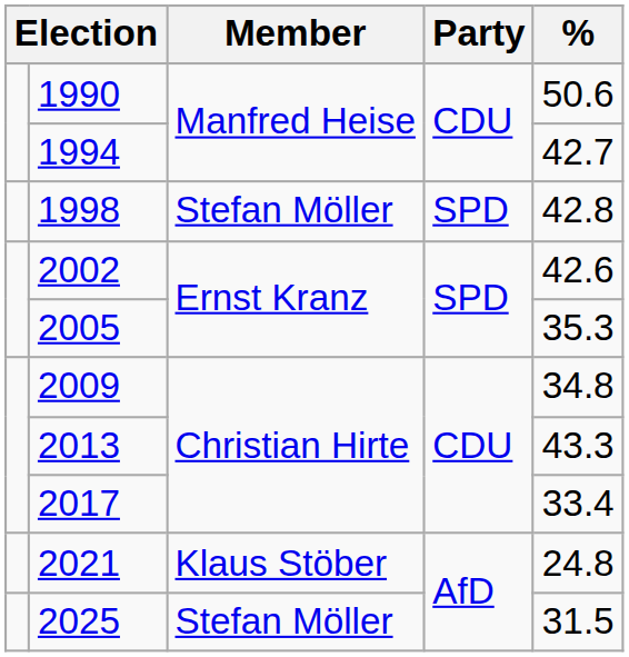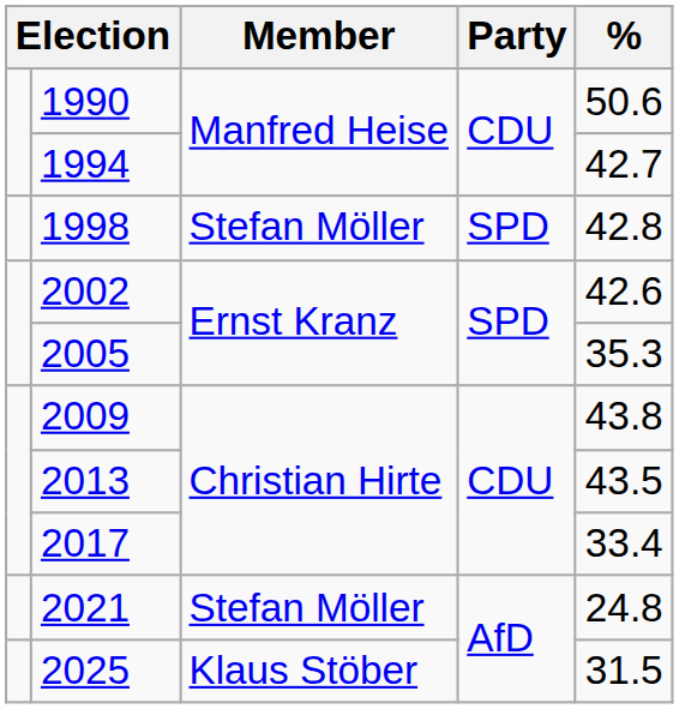 <table class=wikitable>
 <tr>
 <th colspan=2>Election</th>
 <th>Member</th>
 <th>Party</th>
 <th>%</th>
 </tr>
 <tr>
 <td rowspan=2 bgcolor=></td>
 <td><a href='#'>1990</a></td>
 <td rowspan=2><a href='#'>Manfred Heise</a></td>
 <td rowspan=2><a href='#'>CDU</a></td>
 <td align=right>50.6</td>
 </tr>
 <tr>
 <td><a href='#'>1994</a></td>
 <td align=right>42.7</td>
 </tr>
 <tr>
 <td bgcolor=></td>
 <td><a href='#'>1998</a></td>
 <td><a href='#'>Stefan Möller</a></td>
 <td><a href='#'>SPD</a></td>
 <td align=right>42.8</td>
 </tr>
 <tr>
 <td rowspan=2 bgcolor=></td>
 <td><a href='#'>2002</a></td>
 <td rowspan=2><a href='#'>Ernst Kranz</a></td>
 <td rowspan=2><a href='#'>SPD</a></td>
 <td align=right>42.6</td>
 </tr>
 <tr>
 <td><a href='#'>2005</a></td>
 <td align=right>35.3</td>
 </tr>
 <tr>
 <td rowspan=3 bgcolor=></td>
 <td><a href='#'>2009</a></td>
 <td rowspan=3><a href='#'>Christian Hirte</a></td>
 <td rowspan=3><a href='#'>CDU</a></td>
-<td align=right>34.8</td>
+<td align=right>43.8</td>
 </tr>
 <tr>
 <td><a href='#'>2013</a></td>
-<td align=right>43.3</td>
+<td align=right>43.5</td>
 </tr>
 <tr>
 <td><a href='#'>2017</a></td>
 <td align=right>33.4</td>
 </tr>
 <tr>
 <td bgcolor=></td>
 <td><a href='#'>2021</a></td>
-<td><a href='#'>Klaus Stöber</a></td>
+<td><a href='#'>Stefan Möller</a></td>
 <td rowspan="2"><a href='#'>AfD</a></td>
 <td align=right>24.8</td>
 </tr>
 <tr>
 <td></td>
 <td><a href='#'>2025</a></td>
-<td><a href='#'>Stefan Möller</a></td>
+<td><a href='#'>Klaus Stöber</a></td>
 <td>31.5</td>
 </tr>
 </table>
